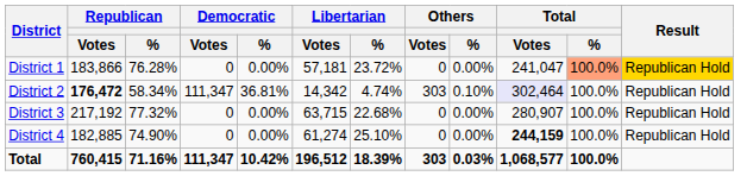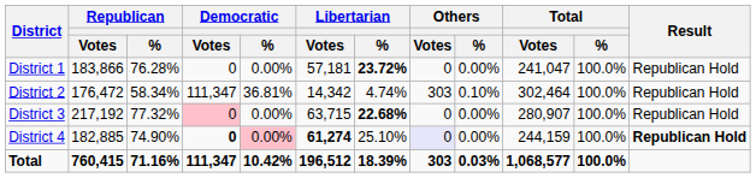 <table class="wikitable plainrowheaders sortable" style="font-size:100%; text-align:right;">
 <tr>
 <th scope=col rowspan=3><a href='#'>District</a></th>
 <th scope=col colspan=2><a href='#'>Republican</a></th>
 <th scope=col colspan=2><a href='#'>Democratic</a></th>
 <th scope=col colspan=2><a href='#'>Libertarian</a></th>
 <th scope=col colspan=2>Others</th>
 <th scope=col colspan=2>Total</th>
 <th scope=col rowspan=3>Result</th>
 </tr>
 <tr>
 <th scope=col colspan=2 style="background:"></th>
 <th scope=col colspan=2 style="background:"></th>
 <th scope=col colspan=2 style="background:"></th>
 <th scope=col colspan=2></th>
 <th scope=col colspan=2></th>
 </tr>
 <tr>
 <th scope=col data-sort-type="number">Votes</th>
 <th scope=col data-sort-type="number">%</th>
 <th scope=col data-sort-type="number">Votes</th>
 <th scope=col data-sort-type="number">%</th>
 <th scope=col data-sort-type="number">Votes</th>
 <th scope=col data-sort-type="number">%</th>
 <th scope=col data-sort-type="number">Votes</th>
 <th scope=col data-sort-type="number">%</th>
 <th scope=col data-sort-type="number">Votes</th>
 <th scope=col data-sort-type="number">%</th>
 </tr>
 <tr>
 <td align=left><a href='#'>District 1</a></td>
 <td>183,866</td>
 <td>76.28%</td>
 <td>0</td>
 <td>0.00%</td>
 <td>57,181</td>
-<td>23.72%</td>
+<td><strong>23.72%</strong></td>
 <td>0</td>
 <td>0.00%</td>
 <td>241,047</td>
-<td style="background: lightsalmon;">100.0%</td>
-<td align=left style="background: gold;">Republican Hold</td>
+<td>100.0%</td>
+<td align=left>Republican Hold</td>
 </tr>
 <tr>
 <td align=left><a href='#'>District 2</a></td>
-<td><strong>176,472</strong></td>
+<td>176,472</td>
 <td>58.34%</td>
 <td>111,347</td>
 <td>36.81%</td>
 <td>14,342</td>
 <td>4.74%</td>
 <td>303</td>
 <td>0.10%</td>
-<td style="background: lavender;">302,464</td>
+<td>302,464</td>
 <td>100.0%</td>
 <td align=left>Republican Hold</td>
 </tr>
 <tr>
 <td align=left><a href='#'>District 3</a></td>
 <td>217,192</td>
 <td>77.32%</td>
-<td>0</td>
+<td style="background: pink;">0</td>
 <td>0.00%</td>
 <td>63,715</td>
-<td>22.68%</td>
+<td><strong>22.68%</strong></td>
 <td>0</td>
 <td>0.00%</td>
 <td>280,907</td>
 <td>100.0%</td>
 <td align=left>Republican Hold</td>
 </tr>
 <tr>
 <td align=left><a href='#'>District 4</a></td>
 <td>182,885</td>
 <td>74.90%</td>
-<td>0</td>
+<td><strong>0</strong></td>
+<td style="background: pink;">0.00%</td>
+<td><strong>61,274</strong></td>
+<td>25.10%</td>
+<td style="background: lavender;">0</td>
 <td>0.00%</td>
-<td>61,274</td>
-<td>25.10%</td>
-<td>0</td>
-<td>0.00%</td>
-<td><strong>244,159</strong></td>
+<td>244,159</td>
 <td>100.0%</td>
-<td align=left>Republican Hold</td>
+<td align=left><strong>Republican Hold</strong></td>
 </tr>
 <tr class="sortbottom" style="font-weight:bold">
 <td align=left>Total</td>
 <td>760,415</td>
 <td>71.16%</td>
 <td>111,347</td>
 <td>10.42%</td>
 <td>196,512</td>
 <td>18.39%</td>
 <td>303</td>
 <td>0.03%</td>
 <td>1,068,577</td>
 <td>100.0%</td>
 <td></td>
 </tr>
 </table>
